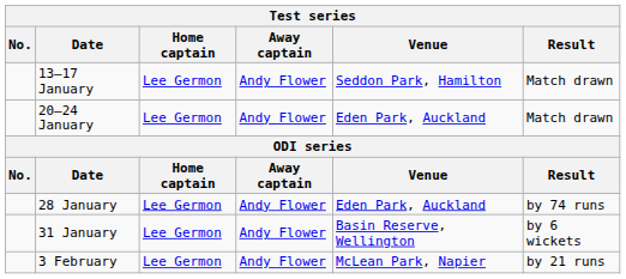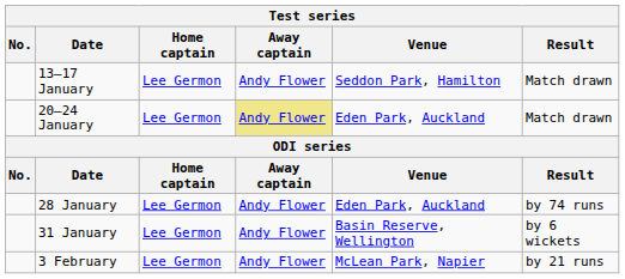 <table class="wikitable">
 <tr>
 <th colspan="9">Test series</th>
 </tr>
 <tr>
 <th>No.</th>
 <th>Date</th>
 <th>Home captain</th>
 <th>Away captain</th>
 <th>Venue</th>
 <th>Result</th>
 </tr>
 <tr>
 <td></td>
 <td>13–17 January</td>
 <td><a href='#'>Lee Germon</a></td>
 <td><a href='#'>Andy Flower</a></td>
 <td><a href='#'>Seddon Park</a>, <a href='#'>Hamilton</a></td>
 <td>Match drawn</td>
 </tr>
 <tr>
 <td></td>
 <td>20–24 January</td>
 <td><a href='#'>Lee Germon</a></td>
-<td><a href='#'>Andy Flower</a></td>
+<td style="background: khaki;"><a href='#'>Andy Flower</a></td>
 <td><a href='#'>Eden Park</a>, <a href='#'>Auckland</a></td>
 <td>Match drawn</td>
 </tr>
 <tr>
 <th colspan="9">ODI series</th>
 </tr>
 <tr>
 <th>No.</th>
 <th>Date</th>
 <th>Home captain</th>
 <th>Away captain</th>
 <th>Venue</th>
 <th>Result</th>
 </tr>
 <tr>
 <td></td>
 <td>28 January</td>
 <td><a href='#'>Lee Germon</a></td>
 <td><a href='#'>Andy Flower</a></td>
 <td><a href='#'>Eden Park</a>, <a href='#'>Auckland</a></td>
 <td> by 74 runs</td>
 </tr>
 <tr>
 <td></td>
 <td>31 January</td>
 <td><a href='#'>Lee Germon</a></td>
 <td><a href='#'>Andy Flower</a></td>
 <td><a href='#'>Basin Reserve</a>, <a href='#'>Wellington</a></td>
 <td> by 6 wickets</td>
 </tr>
 <tr>
 <td></td>
 <td>3 February</td>
 <td><a href='#'>Lee Germon</a></td>
 <td><a href='#'>Andy Flower</a></td>
 <td><a href='#'>McLean Park</a>, <a href='#'>Napier</a></td>
 <td> by 21 runs</td>
 </tr>
 </table>
